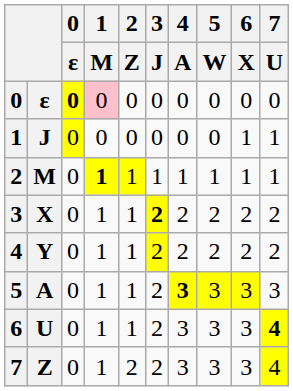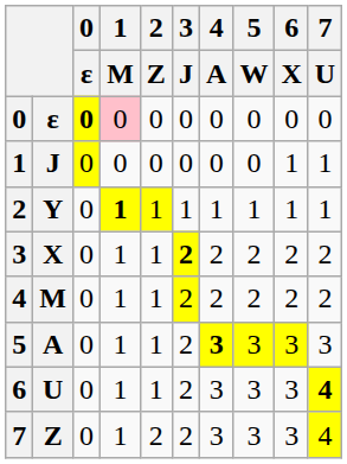 <table class="wikitable" style="text-align: center;">
 <tr>
 <th colspan="2" rowspan="2"></th>
 <th>0</th>
 <th>1</th>
 <th>2</th>
 <th>3</th>
 <th>4</th>
 <th>5</th>
 <th>6</th>
 <th>7</th>
 </tr>
 <tr>
 <th>ε</th>
 <th>M</th>
 <th>Z</th>
 <th>J</th>
 <th>A</th>
 <th>W</th>
 <th>X</th>
 <th>U</th>
 </tr>
 <tr>
 <th>0</th>
 <th>ε</th>
 <td style="background:yellow"><strong>0</strong></td>
 <td style="background: pink;">0</td>
 <td>0</td>
 <td>0</td>
 <td>0</td>
 <td>0</td>
 <td>0</td>
 <td>0</td>
 </tr>
 <tr>
 <th>1</th>
 <th>J</th>
 <td style="background:yellow">0</td>
 <td>0</td>
 <td>0</td>
 <td>0</td>
 <td>0</td>
 <td>0</td>
 <td>1</td>
 <td>1</td>
 </tr>
 <tr>
 <th>2</th>
-<th>M</th>
+<th>Y</th>
 <td>0</td>
 <td style="background:yellow"><strong>1</strong></td>
 <td style="background:yellow">1</td>
 <td>1</td>
 <td>1</td>
 <td>1</td>
 <td>1</td>
 <td>1</td>
 </tr>
 <tr>
 <th>3</th>
 <th>X</th>
 <td>0</td>
 <td>1</td>
 <td>1</td>
 <td style="background:yellow"><strong>2</strong></td>
 <td>2</td>
 <td>2</td>
 <td>2</td>
 <td>2</td>
 </tr>
 <tr>
 <th>4</th>
-<th>Y</th>
+<th>M</th>
 <td>0</td>
 <td>1</td>
 <td>1</td>
 <td style="background:yellow">2</td>
 <td>2</td>
 <td>2</td>
 <td>2</td>
 <td>2</td>
 </tr>
 <tr>
 <th>5</th>
 <th>A</th>
 <td>0</td>
 <td>1</td>
 <td>1</td>
 <td>2</td>
 <td style="background:yellow"><strong>3</strong></td>
 <td style="background:yellow">3</td>
 <td style="background:yellow">3</td>
 <td>3</td>
 </tr>
 <tr>
 <th>6</th>
 <th>U</th>
 <td>0</td>
 <td>1</td>
 <td>1</td>
 <td>2</td>
 <td>3</td>
 <td>3</td>
 <td>3</td>
 <td style="background:yellow"><strong>4</strong></td>
 </tr>
 <tr>
 <th>7</th>
 <th>Z</th>
 <td>0</td>
 <td>1</td>
 <td>2</td>
 <td>2</td>
 <td>3</td>
 <td>3</td>
 <td>3</td>
 <td style="background: yellow">4</td>
 </tr>
 </table>
